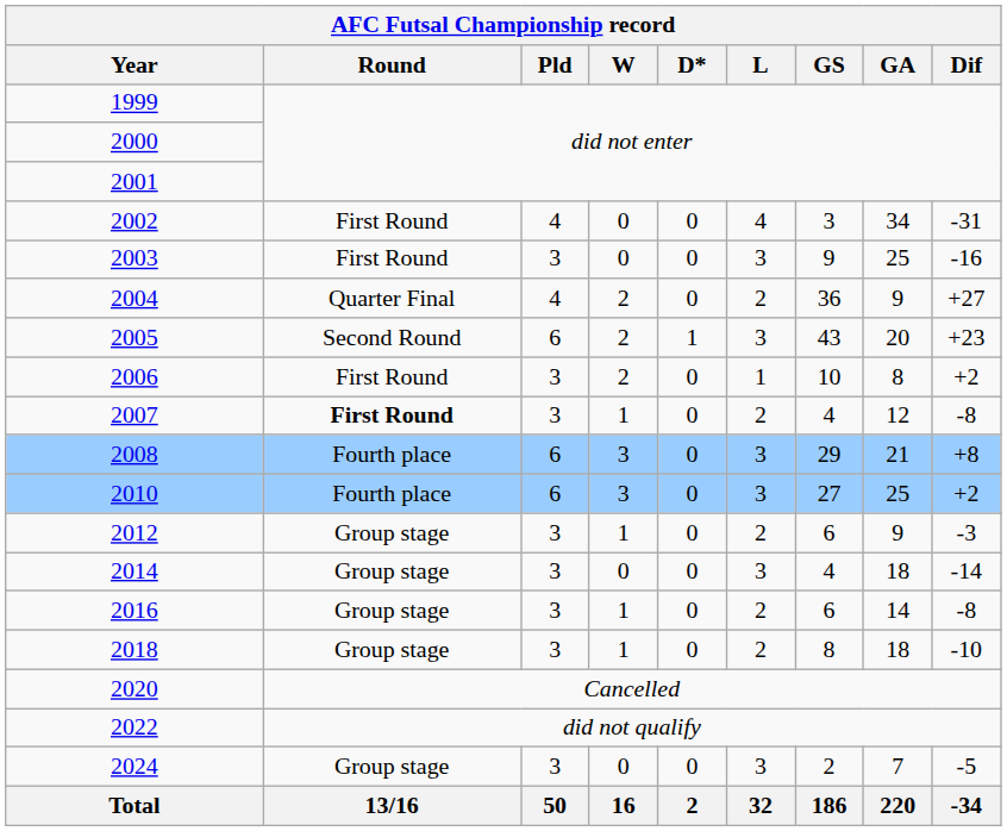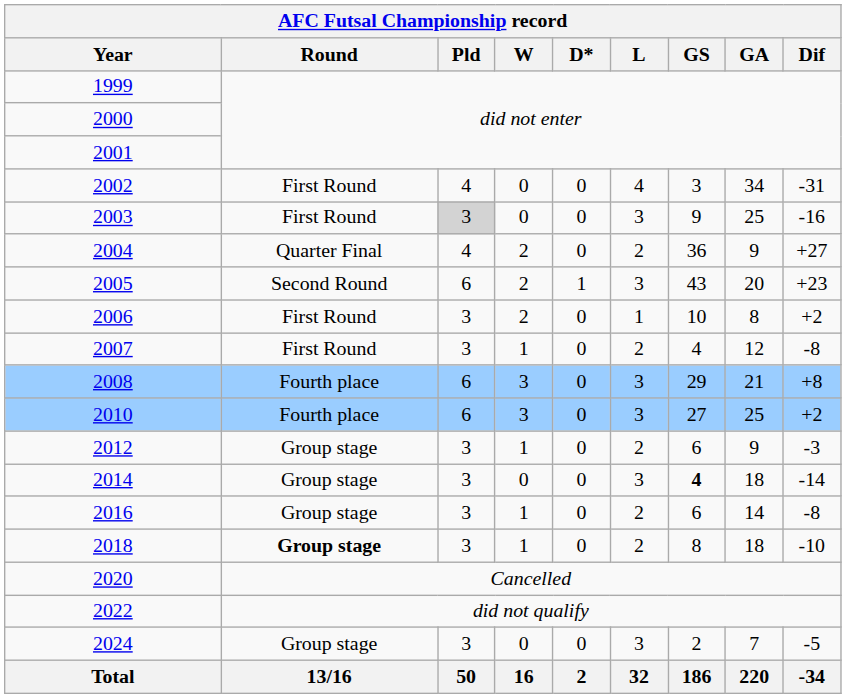 <table class="wikitable" style="text-align: center;font-size:90%;">
 <tr>
 <th colspan=9><a href='#'>AFC Futsal Championship</a> record</th>
 </tr>
 <tr>
 <th width=150>Year</th>
 <th width=150>Round</th>
 <th width=35>Pld</th>
 <th width=35>W</th>
 <th width=35>D*</th>
 <th width=35>L</th>
 <th width=35>GS</th>
 <th width=35>GA</th>
 <th width=35>Dif</th>
 </tr>
 <tr>
 <td> <a href='#'>1999</a></td>
 <td colspan=9 rowspan=3><em>did not enter</em></td>
 </tr>
 <tr>
 <td> <a href='#'>2000</a></td>
 </tr>
 <tr>
 <td> <a href='#'>2001</a></td>
 </tr>
 <tr>
 <td> <a href='#'>2002</a></td>
 <td>First Round</td>
 <td>4</td>
 <td>0</td>
 <td>0</td>
 <td>4</td>
 <td>3</td>
 <td>34</td>
 <td>-31</td>
 </tr>
 <tr>
 <td> <a href='#'>2003</a></td>
 <td>First Round</td>
-<td>3</td>
+<td style="background: lightgrey;">3</td>
 <td>0</td>
 <td>0</td>
 <td>3</td>
 <td>9</td>
 <td>25</td>
 <td>-16</td>
 </tr>
 <tr>
 <td> <a href='#'>2004</a></td>
 <td>Quarter Final</td>
 <td>4</td>
 <td>2</td>
 <td>0</td>
 <td>2</td>
 <td>36</td>
 <td>9</td>
 <td>+27</td>
 </tr>
 <tr>
 <td> <a href='#'>2005</a></td>
 <td>Second Round</td>
 <td>6</td>
 <td>2</td>
 <td>1</td>
 <td>3</td>
 <td>43</td>
 <td>20</td>
 <td>+23</td>
 </tr>
 <tr>
 <td> <a href='#'>2006</a></td>
 <td>First Round</td>
 <td>3</td>
 <td>2</td>
 <td>0</td>
 <td>1</td>
 <td>10</td>
 <td>8</td>
 <td>+2</td>
 </tr>
 <tr>
 <td> <a href='#'>2007</a></td>
-<td><strong>First Round</strong></td>
+<td>First Round</td>
 <td>3</td>
 <td>1</td>
 <td>0</td>
 <td>2</td>
 <td>4</td>
 <td>12</td>
 <td>-8</td>
 </tr>
 <tr bgcolor=#9acdff>
 <td> <a href='#'>2008</a></td>
 <td>Fourth place</td>
 <td>6</td>
 <td>3</td>
 <td>0</td>
 <td>3</td>
 <td>29</td>
 <td>21</td>
 <td>+8</td>
 </tr>
 <tr bgcolor=#9acdff>
 <td> <a href='#'>2010</a></td>
 <td>Fourth place</td>
 <td>6</td>
 <td>3</td>
 <td>0</td>
 <td>3</td>
 <td>27</td>
 <td>25</td>
 <td>+2</td>
 </tr>
 <tr>
 <td> <a href='#'>2012</a></td>
 <td>Group stage</td>
 <td>3</td>
 <td>1</td>
 <td>0</td>
 <td>2</td>
 <td>6</td>
 <td>9</td>
 <td>-3</td>
 </tr>
 <tr>
 <td> <a href='#'>2014</a></td>
 <td>Group stage</td>
 <td>3</td>
 <td>0</td>
 <td>0</td>
 <td>3</td>
-<td>4</td>
+<td><strong>4</strong></td>
 <td>18</td>
 <td>-14</td>
 </tr>
 <tr>
 <td> <a href='#'>2016</a></td>
 <td>Group stage</td>
 <td>3</td>
 <td>1</td>
 <td>0</td>
 <td>2</td>
 <td>6</td>
 <td>14</td>
 <td>-8</td>
 </tr>
 <tr>
 <td> <a href='#'>2018</a></td>
-<td>Group stage</td>
+<td><strong>Group stage</strong></td>
 <td>3</td>
 <td>1</td>
 <td>0</td>
 <td>2</td>
 <td>8</td>
 <td>18</td>
 <td>-10</td>
 </tr>
 <tr>
 <td> <a href='#'>2020</a></td>
 <td colspan=9><em>Cancelled</em></td>
 </tr>
 <tr>
 <td> <a href='#'>2022</a></td>
 <td colspan=9><em>did not qualify</em></td>
 </tr>
 <tr>
 <td> <a href='#'>2024</a></td>
 <td>Group stage</td>
 <td>3</td>
 <td>0</td>
 <td>0</td>
 <td>3</td>
 <td>2</td>
 <td>7</td>
 <td>-5</td>
 </tr>
 <tr>
 <th><strong>Total</strong></th>
 <th>13/16</th>
 <th>50</th>
 <th>16</th>
 <th>2</th>
 <th>32</th>
 <th>186</th>
 <th>220</th>
 <th>-34</th>
 </tr>
 </table>
